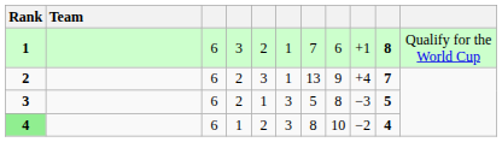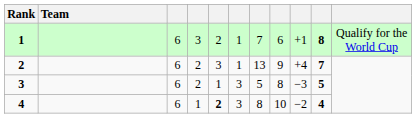 <table class="wikitable" style="text-align:center">
 <tr>
 <th width=30>Rank</th>
 <th width=165 style="text-align:left">Team</th>
 <th width=20></th>
 <th width=20></th>
 <th width=20></th>
 <th width=20></th>
 <th width=20></th>
 <th width=20></th>
 <th width=20></th>
 <th width=20></th>
 <th width=100></th>
 </tr>
 <tr bgcolor="#ccffcc">
 <td><strong>1</strong></td>
 <td align="left"></td>
 <td>6</td>
 <td>3</td>
 <td>2</td>
 <td>1</td>
 <td>7</td>
 <td>6</td>
 <td>+1</td>
 <td><strong>8</strong></td>
 <td col_=green1>Qualify for the <a href='#'>World Cup</a></td>
 </tr>
 <tr>
 <td><strong>2</strong></td>
 <td align="left"></td>
 <td>6</td>
 <td>2</td>
 <td>3</td>
 <td>1</td>
 <td>13</td>
 <td>9</td>
 <td>+4</td>
 <td><strong>7</strong></td>
 </tr>
 <tr>
 <td><strong>3</strong></td>
 <td align="left"></td>
 <td>6</td>
 <td>2</td>
 <td>1</td>
 <td>3</td>
 <td>5</td>
 <td>8</td>
 <td>−3</td>
 <td><strong>5</strong></td>
 </tr>
 <tr>
-<td style="background: lightgreen;"><strong>4</strong></td>
+<td><strong>4</strong></td>
 <td align="left"></td>
 <td>6</td>
 <td>1</td>
-<td>2</td>
+<td><strong>2</strong></td>
 <td>3</td>
 <td>8</td>
 <td>10</td>
 <td>−2</td>
 <td><strong>4</strong></td>
 </tr>
 </table>
